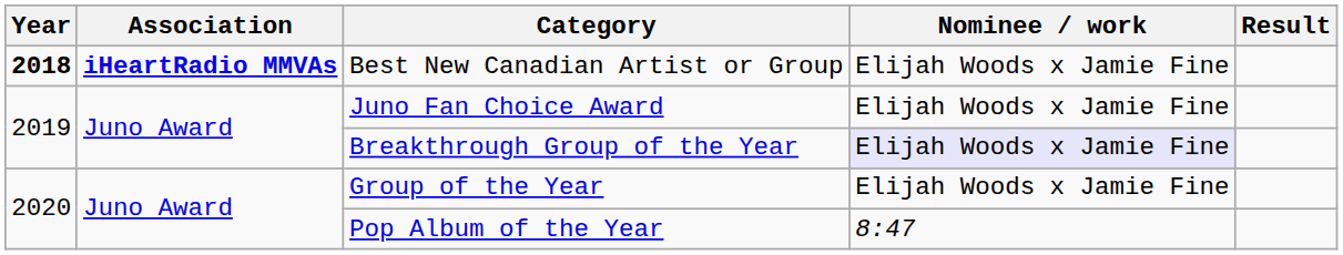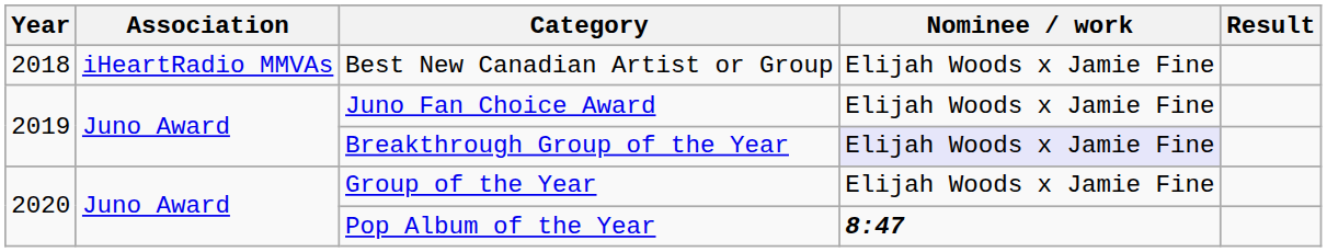 <table class="wikitable">
 <tr>
 <th>Year</th>
 <th>Association</th>
 <th>Category</th>
 <th>Nominee / work</th>
 <th>Result</th>
 </tr>
 <tr>
-<td><strong>2018</strong></td>
-<td><strong><a href='#'>iHeartRadio MMVAs</a></strong></td>
+<td>2018</td>
+<td><a href='#'>iHeartRadio MMVAs</a></td>
 <td>Best New Canadian Artist or Group</td>
 <td>Elijah Woods x Jamie Fine</td>
 <td></td>
 </tr>
 <tr>
 <td rowspan=2>2019</td>
 <td rowspan=2><a href='#'>Juno Award</a></td>
 <td><a href='#'>Juno Fan Choice Award</a></td>
 <td>Elijah Woods x Jamie Fine</td>
 <td></td>
 </tr>
 <tr>
 <td><a href='#'>Breakthrough Group of the Year</a></td>
 <td style="background: lavender;">Elijah Woods x Jamie Fine</td>
 <td></td>
 </tr>
 <tr>
 <td rowspan=2>2020</td>
 <td rowspan=2><a href='#'>Juno Award</a></td>
 <td><a href='#'>Group of the Year</a></td>
 <td>Elijah Woods x Jamie Fine</td>
 <td></td>
 </tr>
 <tr>
 <td><a href='#'> Pop Album of the Year</a></td>
-<td><em>8:47</em></td>
+<td><strong><em>8:47</em></strong></td>
 <td></td>
 </tr>
 </table>
